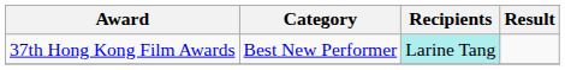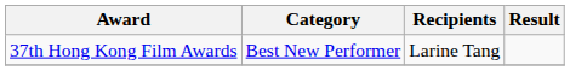 <table class="wikitable">
 <tr>
 <th>Award</th>
 <th>Category</th>
 <th>Recipients</th>
 <th>Result</th>
 </tr>
 <tr>
 <td rowspan=1><a href='#'>37th Hong Kong Film Awards</a></td>
 <td><a href='#'>Best New Performer</a></td>
-<td style="background: paleturquoise;">Larine Tang</td>
+<td>Larine Tang</td>
 <td></td>
 </tr>
 <tr>
 </tr>
 </table>
